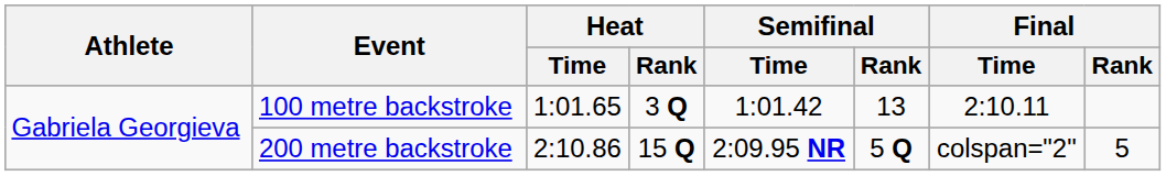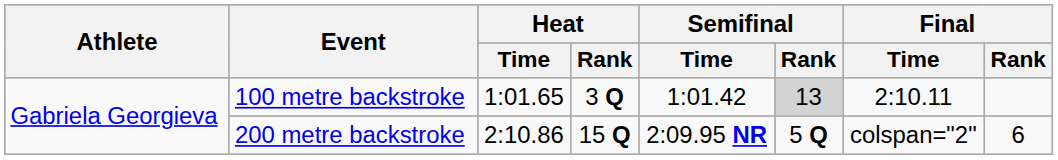 <table class="wikitable" style="text-align:center; font-size:90%; width:50%;">
 <tr>
 <th rowspan="2">Athlete</th>
 <th rowspan="2">Event</th>
 <th colspan="2">Heat</th>
 <th colspan="2">Semifinal</th>
 <th colspan="2">Final</th>
 </tr>
 <tr style="font-size:95%">
 <th>Time</th>
 <th>Rank</th>
 <th>Time</th>
 <th>Rank</th>
 <th>Time</th>
 <th>Rank</th>
 </tr>
 <tr>
 <td align=left rowspan=2><a href='#'>Gabriela Georgieva</a></td>
 <td align=left><a href='#'>100 metre backstroke</a></td>
 <td>1:01.65</td>
 <td>3 <strong>Q</strong></td>
 <td>1:01.42</td>
-<td>13</td>
+<td style="background: lightgrey;">13</td>
 <td>2:10.11</td>
 </tr>
 <tr>
 <td align=left><a href='#'>200 metre backstroke</a></td>
 <td>2:10.86</td>
 <td>15 <strong>Q</strong></td>
 <td>2:09.95 <strong><a href='#'>NR</a></strong></td>
 <td>5 <strong>Q</strong></td>
 <td>colspan="2" </td>
-<td>5</td>
+<td>6</td>
 </tr>
 </table>
